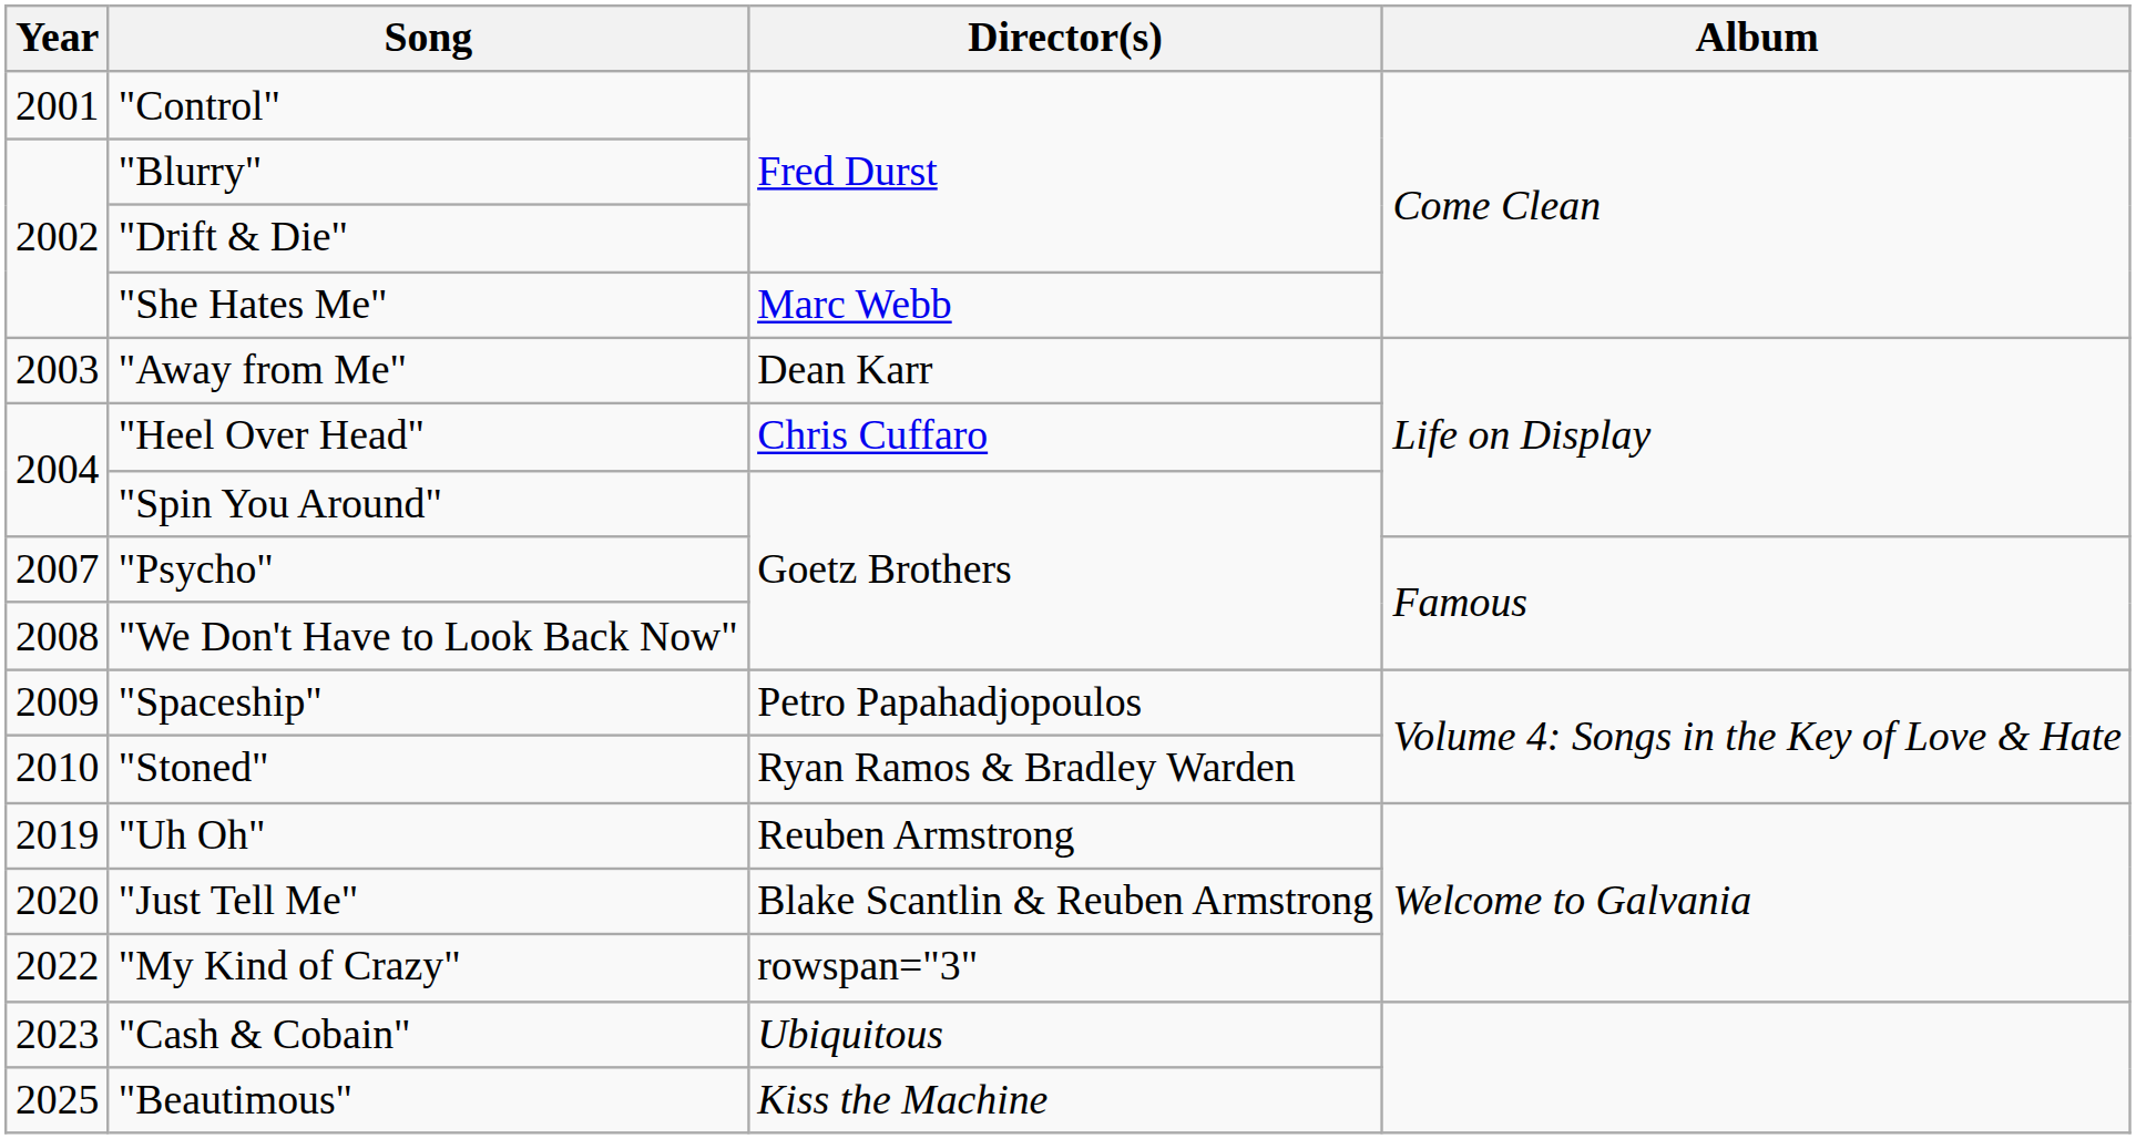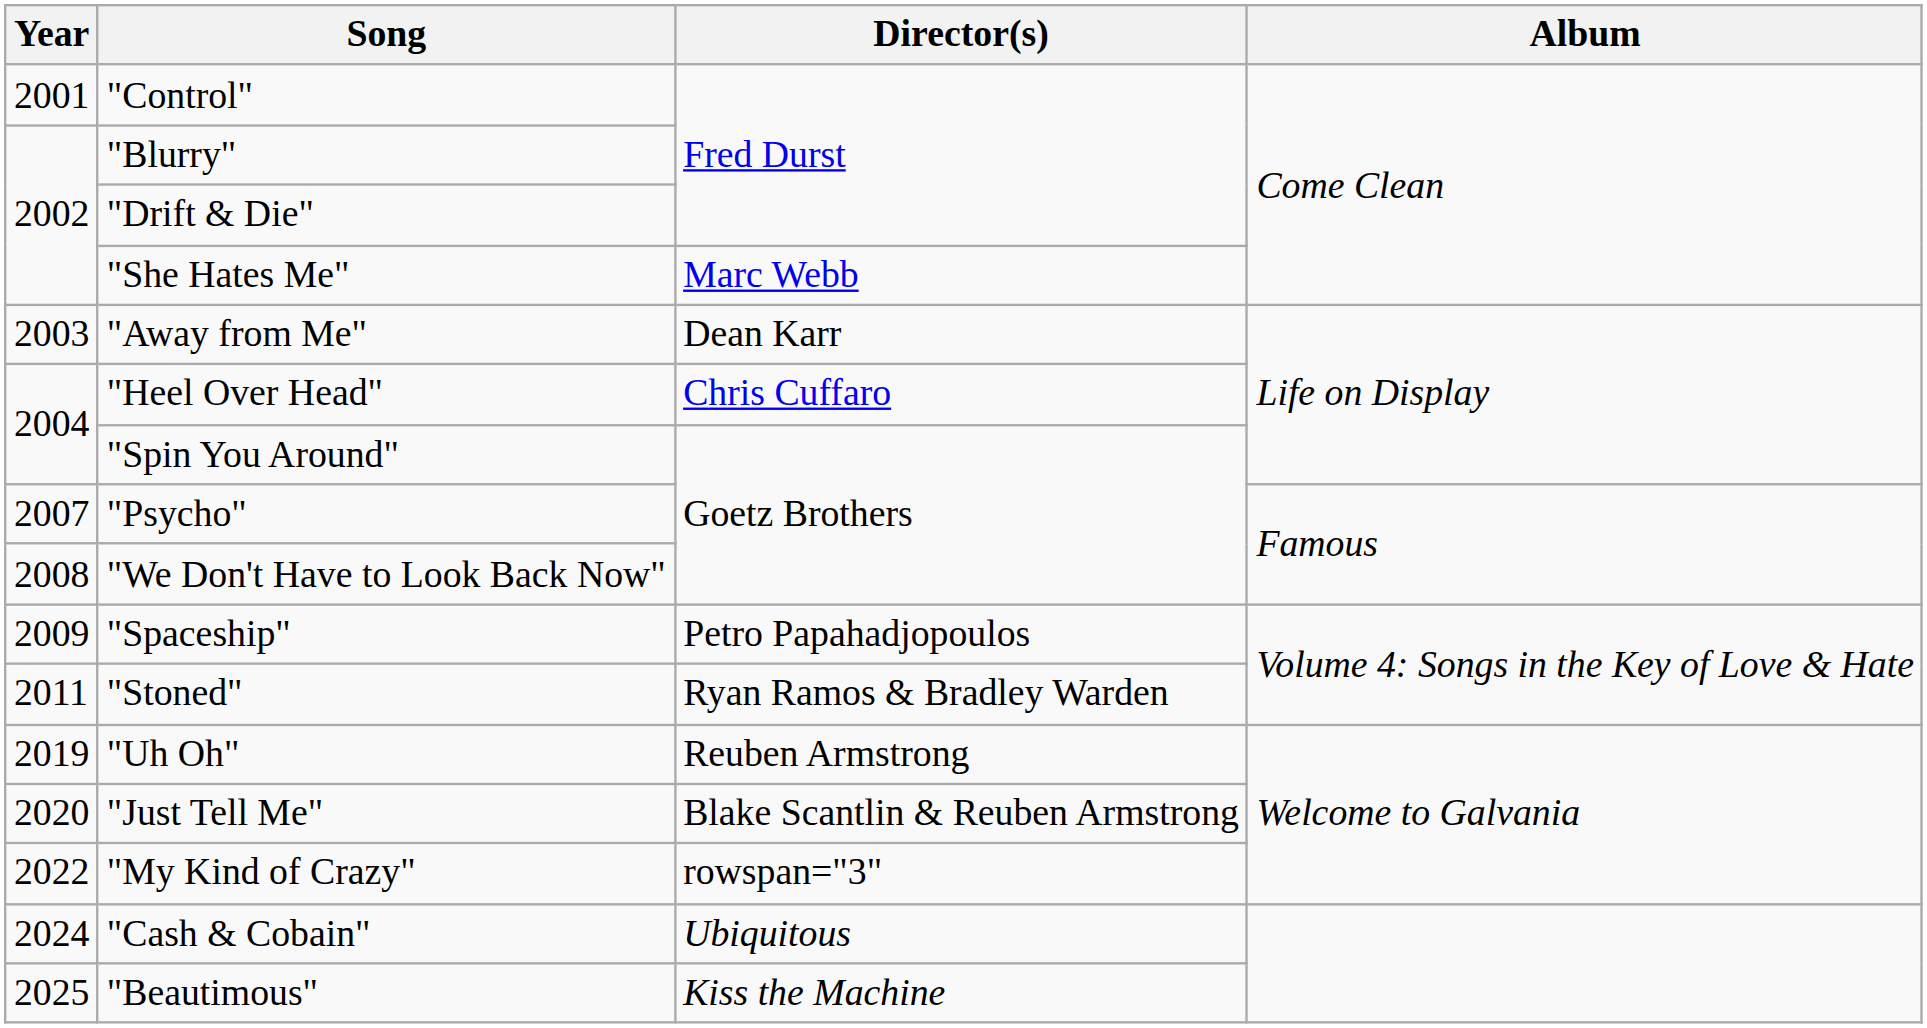 <table class="wikitable">
 <tr>
 <th>Year</th>
 <th>Song</th>
 <th>Director(s)</th>
 <th>Album</th>
 </tr>
 <tr>
 <td>2001</td>
 <td>"Control"</td>
 <td rowspan="3"><a href='#'>Fred Durst</a></td>
 <td rowspan="4"><em>Come Clean</em></td>
 </tr>
 <tr>
 <td rowspan="3">2002</td>
 <td>"Blurry"</td>
 </tr>
 <tr>
 <td>"Drift & Die"</td>
 </tr>
 <tr>
 <td>"She Hates Me"</td>
 <td><a href='#'>Marc Webb</a></td>
 </tr>
 <tr>
 <td>2003</td>
 <td>"Away from Me"</td>
 <td>Dean Karr</td>
 <td rowspan="3"><em>Life on Display</em></td>
 </tr>
 <tr>
 <td rowspan="2">2004</td>
 <td>"Heel Over Head"</td>
 <td><a href='#'>Chris Cuffaro</a></td>
 </tr>
 <tr>
 <td>"Spin You Around"</td>
 <td rowspan="3">Goetz Brothers</td>
 </tr>
 <tr>
 <td>2007</td>
 <td>"Psycho"</td>
 <td rowspan="2"><em>Famous</em></td>
 </tr>
 <tr>
 <td>2008</td>
 <td>"We Don't Have to Look Back Now"</td>
 </tr>
 <tr>
 <td>2009</td>
 <td>"Spaceship"</td>
 <td>Petro Papahadjopoulos</td>
 <td rowspan="2"><em>Volume 4: Songs in the Key of Love & Hate</em></td>
 </tr>
 <tr>
-<td>2010</td>
+<td>2011</td>
 <td>"Stoned"</td>
 <td>Ryan Ramos & Bradley Warden</td>
 </tr>
 <tr>
 <td>2019</td>
 <td>"Uh Oh"</td>
 <td>Reuben Armstrong</td>
 <td rowspan="3"><em>Welcome to Galvania</em></td>
 </tr>
 <tr>
 <td>2020</td>
 <td>"Just Tell Me"</td>
 <td>Blake Scantlin & Reuben Armstrong</td>
 </tr>
 <tr>
 <td>2022</td>
 <td>"My Kind of Crazy"</td>
 <td>rowspan="3" </td>
 </tr>
 <tr>
-<td>2023</td>
+<td>2024</td>
 <td>"Cash & Cobain"</td>
 <td><em>Ubiquitous</em></td>
 </tr>
 <tr>
 <td>2025</td>
 <td>"Beautimous"</td>
 <td><em>Kiss the Machine</em></td>
 </tr>
 </table>
